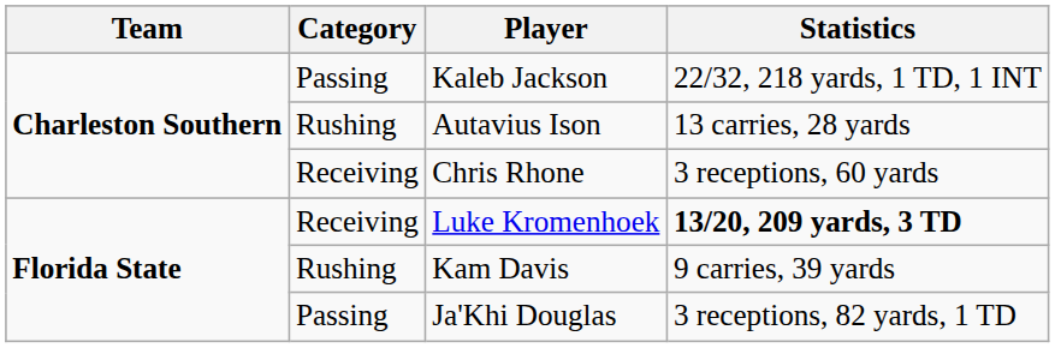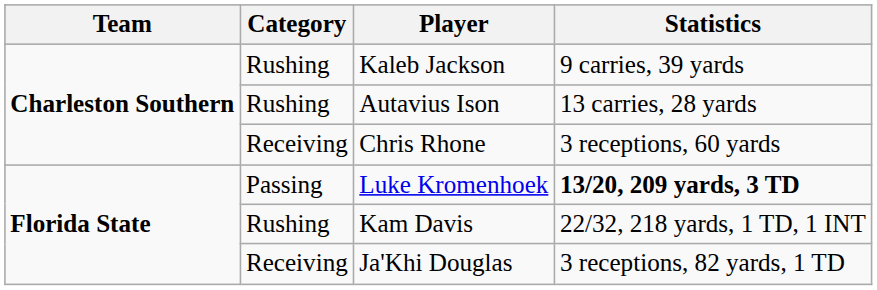 <table class="wikitable" style="float: right;">
 <tr>
 <th>Team</th>
 <th>Category</th>
 <th>Player</th>
 <th>Statistics</th>
 </tr>
 <tr>
 <td rowspan=3><strong>Charleston Southern</strong></td>
-<td>Passing</td>
+<td>Rushing</td>
 <td>Kaleb Jackson</td>
-<td>22/32, 218 yards, 1 TD, 1 INT</td>
+<td>9 carries, 39 yards</td>
 </tr>
 <tr>
 <td>Rushing</td>
 <td>Autavius Ison</td>
 <td>13 carries, 28 yards</td>
 </tr>
 <tr>
 <td>Receiving</td>
 <td>Chris Rhone</td>
 <td>3 receptions, 60 yards</td>
 </tr>
 <tr>
 <td rowspan=3><strong>Florida State</strong></td>
-<td>Receiving</td>
+<td>Passing</td>
 <td><a href='#'>Luke Kromenhoek</a></td>
 <td><strong>13/20, 209 yards, 3 TD</strong></td>
 </tr>
 <tr>
 <td>Rushing</td>
 <td>Kam Davis</td>
-<td>9 carries, 39 yards</td>
+<td>22/32, 218 yards, 1 TD, 1 INT</td>
 </tr>
 <tr>
-<td>Passing</td>
+<td>Receiving</td>
 <td>Ja'Khi Douglas</td>
 <td>3 receptions, 82 yards, 1 TD</td>
 </tr>
 </table>
